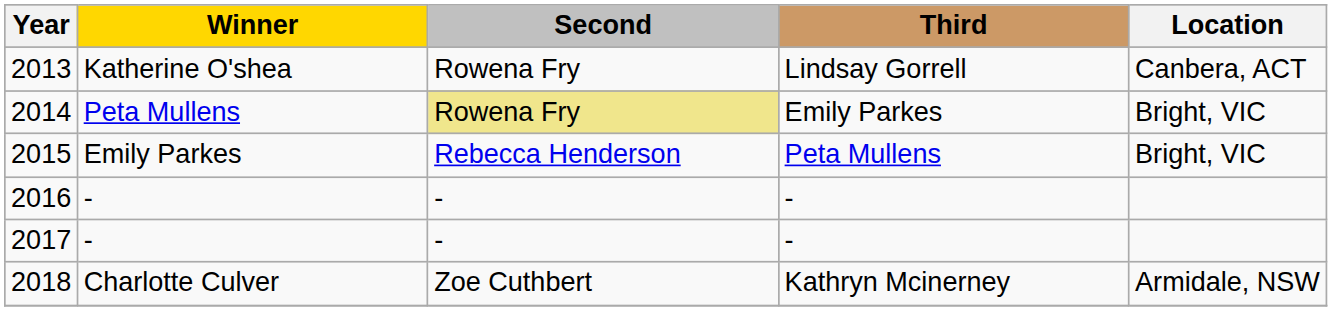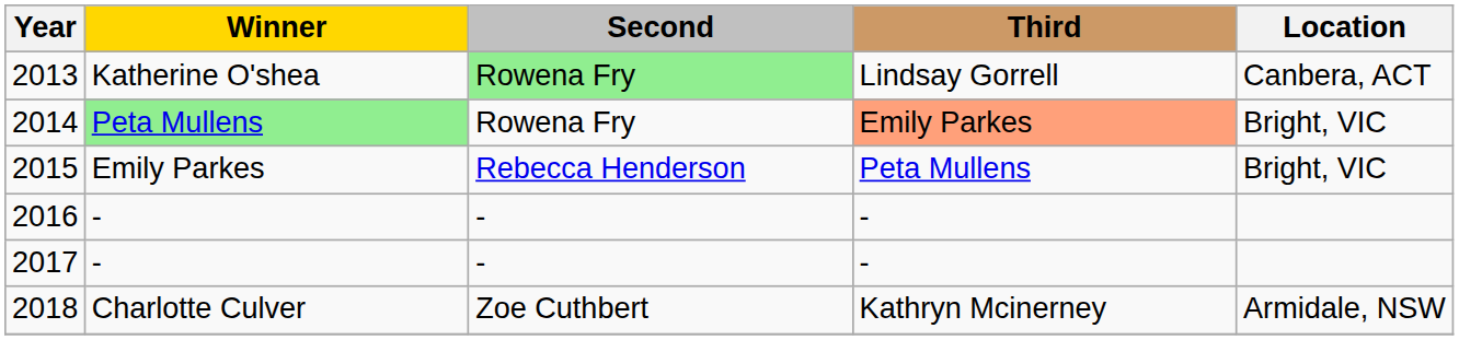 <table class="wikitable sortable">
 <tr>
 <th>Year</th>
 <th scope=col colspan=1 style="width:200px; color: black; background:gold;">Winner</th>
 <th scope=col colspan=1 style="width:200px; color: black; background:silver;">Second</th>
 <th scope=col colspan=1 style="width:200px; color: black; background:#cc9966;">Third</th>
 <th>Location</th>
 </tr>
 <tr>
 <td>2013</td>
 <td>Katherine O'shea</td>
-<td>Rowena Fry</td>
+<td style="background: lightgreen;">Rowena Fry</td>
 <td>Lindsay Gorrell</td>
 <td>Canbera, ACT</td>
 </tr>
 <tr>
 <td>2014</td>
-<td><a href='#'>Peta Mullens</a></td>
-<td style="background: khaki;">Rowena Fry</td>
-<td>Emily Parkes</td>
+<td style="background: lightgreen;"><a href='#'>Peta Mullens</a></td>
+<td>Rowena Fry</td>
+<td style="background: lightsalmon;">Emily Parkes</td>
 <td>Bright, VIC</td>
 </tr>
 <tr>
 <td>2015</td>
 <td>Emily Parkes</td>
 <td><a href='#'>Rebecca Henderson</a></td>
 <td><a href='#'>Peta Mullens</a></td>
 <td>Bright, VIC</td>
 </tr>
 <tr>
 <td>2016</td>
 <td>-</td>
 <td>-</td>
 <td>-</td>
 <td></td>
 </tr>
 <tr>
 <td>2017</td>
 <td>-</td>
 <td>-</td>
 <td>-</td>
 <td></td>
 </tr>
 <tr>
 <td>2018</td>
 <td>Charlotte Culver</td>
 <td>Zoe Cuthbert</td>
 <td>Kathryn Mcinerney</td>
 <td>Armidale, NSW</td>
 </tr>
 <tr>
 </tr>
 </table>
